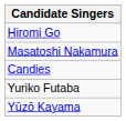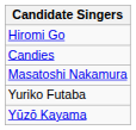 <table class="wikitable">
 <tr>
 <th>Candidate Singers</th>
 </tr>
 <tr>
 <td><a href='#'>Hiromi Go</a></td>
 </tr>
 <tr>
-<td><a href='#'>Masatoshi Nakamura</a></td>
+<td><a href='#'>Candies</a></td>
 </tr>
 <tr>
-<td><a href='#'>Candies</a></td>
+<td><a href='#'>Masatoshi Nakamura</a></td>
 </tr>
 <tr>
 <td>Yuriko Futaba</td>
 </tr>
 <tr>
 <td><a href='#'>Yūzō Kayama</a></td>
 </tr>
 </table>
